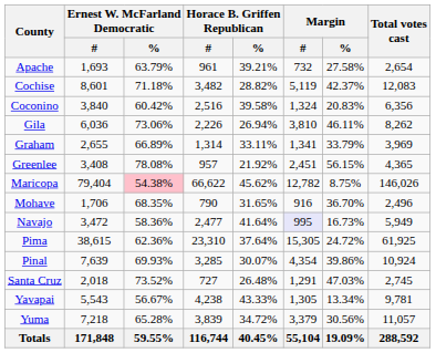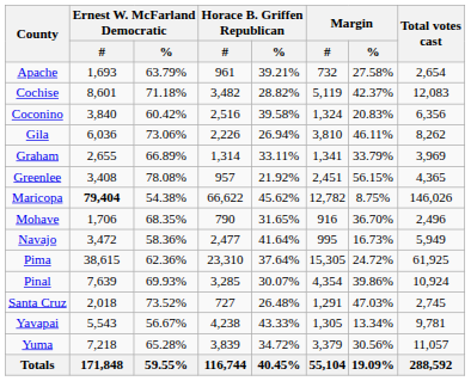 <table class="wikitable sortable" style="text-align:center">
 <tr>
 <th rowspan="2">County</th>
 <th style="text-align:center;" colspan="2">Ernest W. McFarland<br>Democratic</th>
 <th style="text-align:center;" colspan="2">Horace B. Griffen<br>Republican</th>
 <th style="text-align:center;" colspan="2">Margin</th>
 <th style="text-align:center;" rowspan="2">Total votes<br>cast</th>
 </tr>
 <tr>
 <th style="text-align:center;" data-sort-type="number">#</th>
 <th style="text-align:center;" data-sort-type="number">%</th>
 <th style="text-align:center;" data-sort-type="number">#</th>
 <th style="text-align:center;" data-sort-type="number">%</th>
 <th style="text-align:center;" data-sort-type="number">#</th>
 <th style="text-align:center;" data-sort-type="number">%</th>
 </tr>
 <tr style="text-align:center;">
 <td><a href='#'>Apache</a></td>
 <td>1,693</td>
 <td>63.79%</td>
 <td>961</td>
 <td>39.21%</td>
 <td>732</td>
 <td>27.58%</td>
 <td>2,654</td>
 </tr>
 <tr style="text-align:center;">
 <td><a href='#'>Cochise</a></td>
 <td>8,601</td>
 <td>71.18%</td>
 <td>3,482</td>
 <td>28.82%</td>
 <td>5,119</td>
 <td>42.37%</td>
 <td>12,083</td>
 </tr>
 <tr style="text-align:center;">
 <td><a href='#'>Coconino</a></td>
 <td>3,840</td>
 <td>60.42%</td>
 <td>2,516</td>
 <td>39.58%</td>
 <td>1,324</td>
 <td>20.83%</td>
 <td>6,356</td>
 </tr>
 <tr style="text-align:center;">
 <td><a href='#'>Gila</a></td>
 <td>6,036</td>
 <td>73.06%</td>
 <td>2,226</td>
 <td>26.94%</td>
 <td>3,810</td>
 <td>46.11%</td>
 <td>8,262</td>
 </tr>
 <tr style="text-align:center;">
 <td><a href='#'>Graham</a></td>
 <td>2,655</td>
 <td>66.89%</td>
 <td>1,314</td>
 <td>33.11%</td>
 <td>1,341</td>
 <td>33.79%</td>
 <td>3,969</td>
 </tr>
 <tr style="text-align:center;">
 <td><a href='#'>Greenlee</a></td>
 <td>3,408</td>
 <td>78.08%</td>
 <td>957</td>
 <td>21.92%</td>
 <td>2,451</td>
 <td>56.15%</td>
 <td>4,365</td>
 </tr>
 <tr style="text-align:center;">
 <td><a href='#'>Maricopa</a></td>
-<td>79,404</td>
-<td style="background: pink;">54.38%</td>
+<td><strong>79,404</strong></td>
+<td>54.38%</td>
 <td>66,622</td>
 <td>45.62%</td>
 <td>12,782</td>
 <td>8.75%</td>
 <td>146,026</td>
 </tr>
 <tr style="text-align:center;">
 <td><a href='#'>Mohave</a></td>
 <td>1,706</td>
 <td>68.35%</td>
 <td>790</td>
 <td>31.65%</td>
 <td>916</td>
 <td>36.70%</td>
 <td>2,496</td>
 </tr>
 <tr style="text-align:center;">
 <td><a href='#'>Navajo</a></td>
 <td>3,472</td>
 <td>58.36%</td>
 <td>2,477</td>
 <td>41.64%</td>
-<td style="background: lavender;">995</td>
+<td>995</td>
 <td>16.73%</td>
 <td>5,949</td>
 </tr>
 <tr style="text-align:center;">
 <td><a href='#'>Pima</a></td>
 <td>38,615</td>
 <td>62.36%</td>
 <td>23,310</td>
 <td>37.64%</td>
 <td>15,305</td>
 <td>24.72%</td>
 <td>61,925</td>
 </tr>
 <tr style="text-align:center;">
 <td><a href='#'>Pinal</a></td>
 <td>7,639</td>
 <td>69.93%</td>
 <td>3,285</td>
 <td>30.07%</td>
 <td>4,354</td>
 <td>39.86%</td>
 <td>10,924</td>
 </tr>
 <tr style="text-align:center;">
 <td><a href='#'>Santa Cruz</a></td>
 <td>2,018</td>
 <td>73.52%</td>
 <td>727</td>
 <td>26.48%</td>
 <td>1,291</td>
 <td>47.03%</td>
 <td>2,745</td>
 </tr>
 <tr style="text-align:center;">
 <td><a href='#'>Yavapai</a></td>
 <td>5,543</td>
 <td>56.67%</td>
 <td>4,238</td>
 <td>43.33%</td>
 <td>1,305</td>
 <td>13.34%</td>
 <td>9,781</td>
 </tr>
 <tr style="text-align:center;">
 <td><a href='#'>Yuma</a></td>
 <td>7,218</td>
 <td>65.28%</td>
 <td>3,839</td>
 <td>34.72%</td>
 <td>3,379</td>
 <td>30.56%</td>
 <td>11,057</td>
 </tr>
 <tr style="text-align:center;">
 <th>Totals</th>
 <th>171,848</th>
 <th>59.55%</th>
 <th>116,744</th>
 <th>40.45%</th>
 <th>55,104</th>
 <th>19.09%</th>
 <th>288,592</th>
 </tr>
 </table>
